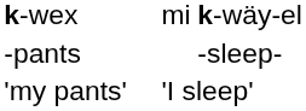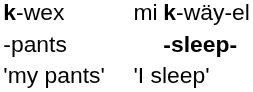 <table ->
 <tr>
 <td><strong>k</strong>-wex</td>
 <td></td>
 <td></td>
 <td></td>
 <td></td>
 <td>mi</td>
 <td><strong>k</strong>-wäy-el</td>
 </tr>
 <tr>
 <td>-pants</td>
 <td></td>
 <td></td>
 <td></td>
 <td></td>
 <td></td>
-<td>-sleep-</td>
+<td><strong>-sleep-</strong></td>
 </tr>
 <tr>
 <td>'my pants'</td>
 <td></td>
 <td></td>
 <td></td>
 <td></td>
 <td colspan=2>'I sleep'</td>
 </tr>
 </table>
